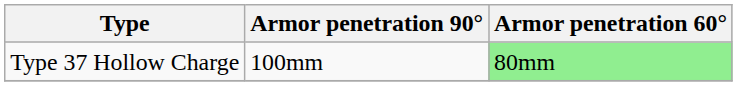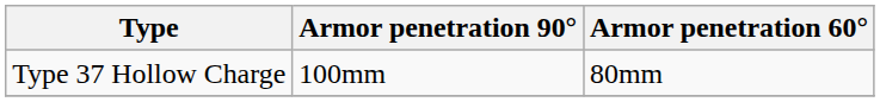 <table class= "wikitable">
 <tr>
 <th>Type</th>
 <th>Armor penetration 90°</th>
 <th>Armor penetration 60°</th>
 </tr>
 <tr>
 <td>Type 37 Hollow Charge</td>
 <td>100mm</td>
-<td style="background: lightgreen;">80mm</td>
+<td>80mm</td>
 </tr>
 <tr>
 </tr>
 </table>
